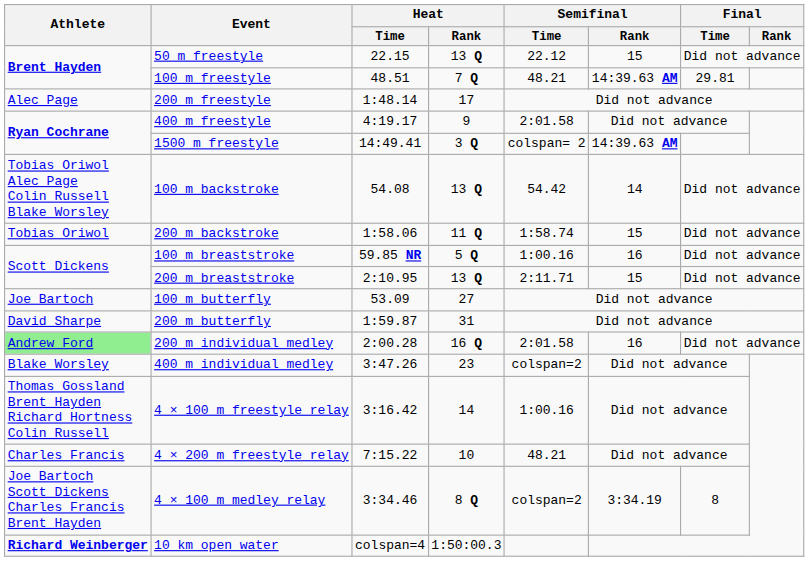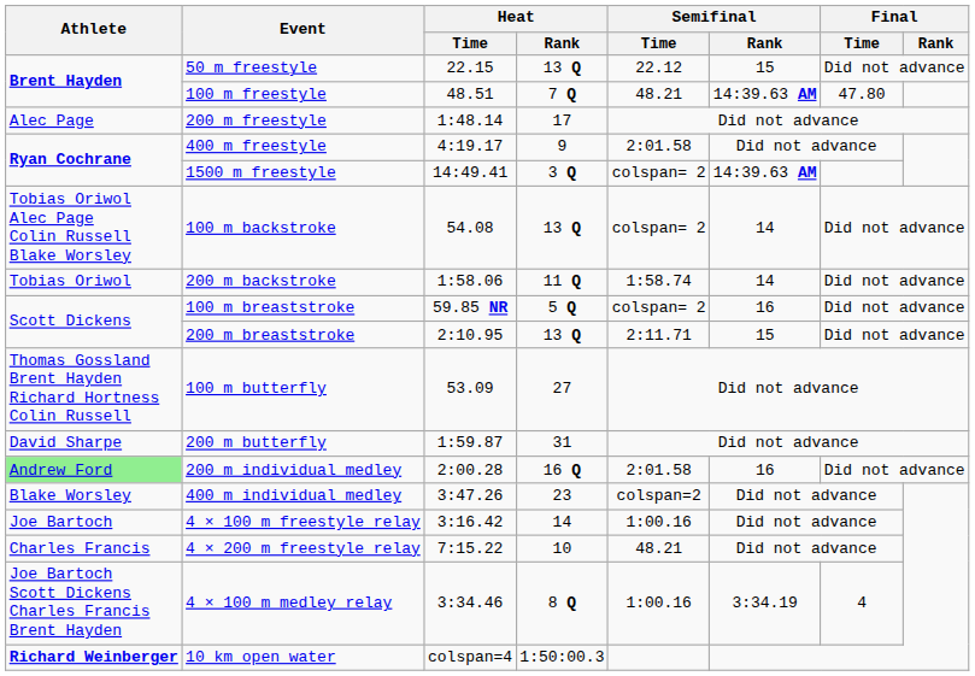 <table class=wikitable style="font-size:90%">
 <tr>
 <th rowspan=2>Athlete</th>
 <th rowspan=2>Event</th>
 <th colspan="2">Heat</th>
 <th colspan="2">Semifinal</th>
 <th colspan="2">Final</th>
 </tr>
 <tr style="font-size:95%">
 <th>Time</th>
 <th>Rank</th>
 <th>Time</th>
 <th>Rank</th>
 <th>Time</th>
 <th>Rank</th>
 </tr>
 <tr align=center>
 <td align=left rowspan=2><strong><a href='#'>Brent Hayden</a></strong></td>
 <td align=left><a href='#'>50 m freestyle</a></td>
 <td>22.15</td>
 <td>13 <strong>Q</strong></td>
 <td>22.12</td>
 <td>15</td>
 <td colspan=2>Did not advance</td>
 </tr>
 <tr align=center>
 <td align=left><a href='#'>100 m freestyle</a></td>
 <td>48.51</td>
 <td>7 <strong>Q</strong></td>
 <td>48.21</td>
 <td>14:39.63 <strong><a href='#'>AM</a></strong></td>
-<td>29.81</td>
+<td>47.80</td>
 <td></td>
 </tr>
 <tr align=center>
 <td align=left><a href='#'>Alec Page</a></td>
 <td align=left><a href='#'>200 m freestyle</a></td>
 <td>1:48.14</td>
 <td>17</td>
 <td colspan=4>Did not advance</td>
 </tr>
 <tr align=center>
 <td align=left rowspan=2><strong><a href='#'>Ryan Cochrane</a></strong></td>
 <td align=left><a href='#'>400 m freestyle</a></td>
 <td>4:19.17</td>
 <td>9</td>
 <td>2:01.58</td>
 <td colspan=2>Did not advance</td>
 </tr>
 <tr align=center>
 <td align=left><a href='#'>1500 m freestyle</a></td>
 <td>14:49.41</td>
 <td>3 <strong>Q</strong></td>
 <td>colspan= 2 </td>
 <td>14:39.63 <strong><a href='#'>AM</a></strong></td>
 <td></td>
 </tr>
 <tr align=center>
 <td align=left><a href='#'>Tobias Oriwol</a><br><a href='#'>Alec Page</a><br><a href='#'>Colin Russell</a><br><a href='#'>Blake Worsley</a></td>
 <td align=left><a href='#'>100 m backstroke</a></td>
 <td>54.08</td>
 <td>13 <strong>Q</strong></td>
-<td>54.42</td>
+<td>colspan= 2 </td>
 <td>14</td>
 <td colspan=2>Did not advance</td>
 </tr>
 <tr align=center>
 <td align=left><a href='#'>Tobias Oriwol</a></td>
 <td align=left><a href='#'>200 m backstroke</a></td>
 <td>1:58.06</td>
 <td>11 <strong>Q</strong></td>
 <td>1:58.74</td>
-<td>15</td>
+<td>14</td>
 <td colspan=2>Did not advance</td>
 </tr>
 <tr align=center>
 <td align=left rowspan=2><a href='#'>Scott Dickens</a></td>
 <td align=left><a href='#'>100 m breaststroke</a></td>
 <td>59.85 <strong><a href='#'>NR</a></strong></td>
 <td>5 <strong>Q</strong></td>
-<td>1:00.16</td>
+<td>colspan= 2 </td>
 <td>16</td>
 <td colspan=2>Did not advance</td>
 </tr>
 <tr align=center>
 <td align=left><a href='#'>200 m breaststroke</a></td>
 <td>2:10.95</td>
 <td>13 <strong>Q</strong></td>
 <td>2:11.71</td>
 <td>15</td>
 <td colspan=2>Did not advance</td>
 </tr>
 <tr align=center>
-<td align=left><a href='#'>Joe Bartoch</a></td>
+<td align=left><a href='#'>Thomas Gossland</a><br><a href='#'>Brent Hayden</a><br><a href='#'>Richard Hortness</a><br><a href='#'>Colin Russell</a></td>
 <td align=left><a href='#'>100 m butterfly</a></td>
 <td>53.09</td>
 <td>27</td>
 <td colspan=4>Did not advance</td>
 </tr>
 <tr align=center>
 <td align=left><a href='#'>David Sharpe</a></td>
 <td align=left><a href='#'>200 m butterfly</a></td>
 <td>1:59.87</td>
 <td>31</td>
 <td colspan=4>Did not advance</td>
 </tr>
 <tr align=center>
 <td align=left style="background: lightgreen;"><a href='#'>Andrew Ford</a></td>
 <td align=left><a href='#'>200 m individual medley</a></td>
 <td>2:00.28</td>
 <td>16 <strong>Q</strong></td>
 <td>2:01.58</td>
 <td>16</td>
 <td colspan=2>Did not advance</td>
 </tr>
 <tr align=center>
 <td align=left><a href='#'>Blake Worsley</a></td>
 <td align=left><a href='#'>400 m individual medley</a></td>
 <td>3:47.26</td>
 <td>23</td>
 <td>colspan=2 </td>
 <td colspan=2>Did not advance</td>
 </tr>
 <tr align=center>
-<td align=left><a href='#'>Thomas Gossland</a><br><a href='#'>Brent Hayden</a><br><a href='#'>Richard Hortness</a><br><a href='#'>Colin Russell</a></td>
+<td align=left><a href='#'>Joe Bartoch</a></td>
 <td align=left><a href='#'>4 × 100 m freestyle relay</a></td>
 <td>3:16.42</td>
 <td>14</td>
 <td>1:00.16</td>
 <td colspan=2>Did not advance</td>
 </tr>
 <tr align=center>
 <td align=left><a href='#'>Charles Francis</a></td>
 <td align=left><a href='#'>4 × 200 m freestyle relay</a></td>
 <td>7:15.22</td>
 <td>10</td>
 <td>48.21</td>
 <td colspan=2>Did not advance</td>
 </tr>
 <tr align=center>
 <td align=left><a href='#'>Joe Bartoch</a><br><a href='#'>Scott Dickens</a><br><a href='#'>Charles Francis</a><br><a href='#'>Brent Hayden</a></td>
 <td align=left><a href='#'>4 × 100 m medley relay</a></td>
 <td>3:34.46</td>
 <td>8 <strong>Q</strong></td>
-<td>colspan=2 </td>
+<td>1:00.16</td>
 <td>3:34.19</td>
-<td>8</td>
+<td>4</td>
 </tr>
 <tr align=center>
 <td align=left><strong><a href='#'>Richard Weinberger</a></strong></td>
 <td align=left><a href='#'>10 km open water</a></td>
 <td>colspan=4 </td>
 <td>1:50:00.3</td>
 <td></td>
 </tr>
 </table>
